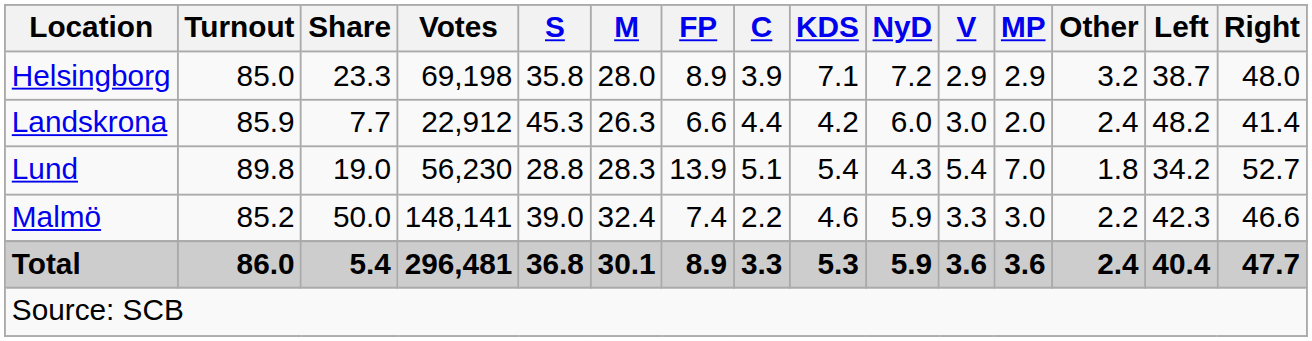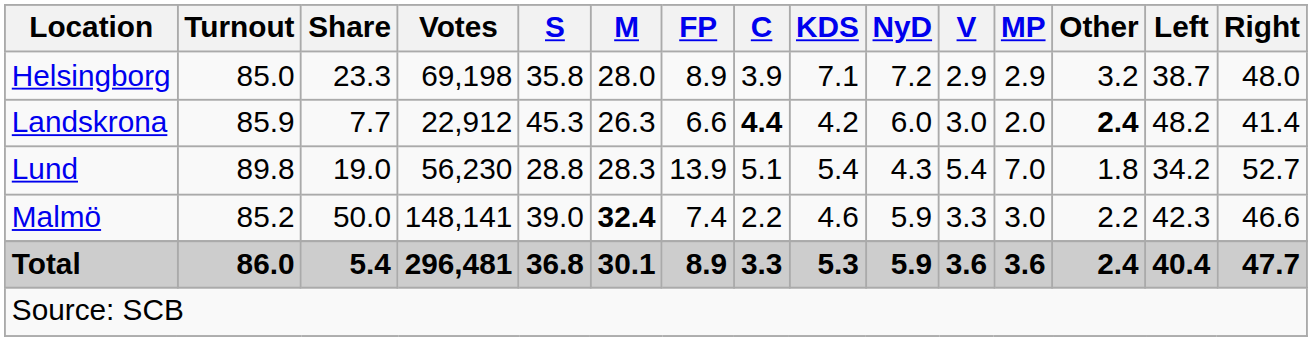 <table class="wikitable sortable" style=text-align:right>
 <tr>
 <th>Location</th>
 <th>Turnout</th>
 <th>Share</th>
 <th>Votes</th>
 <th><a href='#'>S</a></th>
 <th><a href='#'>M</a></th>
 <th><a href='#'>FP</a></th>
 <th><a href='#'>C</a></th>
 <th><a href='#'>KDS</a></th>
 <th><a href='#'>NyD</a></th>
 <th><a href='#'>V</a></th>
 <th><a href='#'>MP</a></th>
 <th>Other</th>
 <th>Left</th>
 <th>Right</th>
 </tr>
 <tr>
 <td align=left><a href='#'>Helsingborg</a></td>
 <td>85.0</td>
 <td>23.3</td>
 <td>69,198</td>
 <td>35.8</td>
 <td>28.0</td>
 <td>8.9</td>
 <td>3.9</td>
 <td>7.1</td>
 <td>7.2</td>
 <td>2.9</td>
 <td>2.9</td>
 <td>3.2</td>
 <td>38.7</td>
 <td>48.0</td>
 </tr>
 <tr>
 <td align=left><a href='#'>Landskrona</a></td>
 <td>85.9</td>
 <td>7.7</td>
 <td>22,912</td>
 <td>45.3</td>
 <td>26.3</td>
 <td>6.6</td>
-<td>4.4</td>
+<td><strong>4.4</strong></td>
 <td>4.2</td>
 <td>6.0</td>
 <td>3.0</td>
 <td>2.0</td>
-<td>2.4</td>
+<td><strong>2.4</strong></td>
 <td>48.2</td>
 <td>41.4</td>
 </tr>
 <tr>
 <td align=left><a href='#'>Lund</a></td>
 <td>89.8</td>
 <td>19.0</td>
 <td>56,230</td>
 <td>28.8</td>
 <td>28.3</td>
 <td>13.9</td>
 <td>5.1</td>
 <td>5.4</td>
 <td>4.3</td>
 <td>5.4</td>
 <td>7.0</td>
 <td>1.8</td>
 <td>34.2</td>
 <td>52.7</td>
 </tr>
 <tr>
 <td align=left><a href='#'>Malmö</a></td>
 <td>85.2</td>
 <td>50.0</td>
 <td>148,141</td>
 <td>39.0</td>
-<td>32.4</td>
+<td><strong>32.4</strong></td>
 <td>7.4</td>
 <td>2.2</td>
 <td>4.6</td>
 <td>5.9</td>
 <td>3.3</td>
 <td>3.0</td>
 <td>2.2</td>
 <td>42.3</td>
 <td>46.6</td>
 </tr>
 <tr>
 </tr>
 <tr style="background:#CDCDCD;">
 <td align=left><strong>Total</strong></td>
 <td><strong>86.0</strong></td>
 <td><strong>5.4</strong></td>
 <td><strong>296,481</strong></td>
 <td><strong>36.8</strong></td>
 <td><strong>30.1</strong></td>
 <td><strong>8.9</strong></td>
 <td><strong>3.3</strong></td>
 <td><strong>5.3</strong></td>
 <td><strong>5.9</strong></td>
 <td><strong>3.6</strong></td>
 <td><strong>3.6</strong></td>
 <td><strong>2.4</strong></td>
 <td><strong>40.4</strong></td>
 <td><strong>47.7</strong></td>
 </tr>
 <tr>
 <td align=left colspan=15>Source: SCB </td>
 </tr>
 </table>
